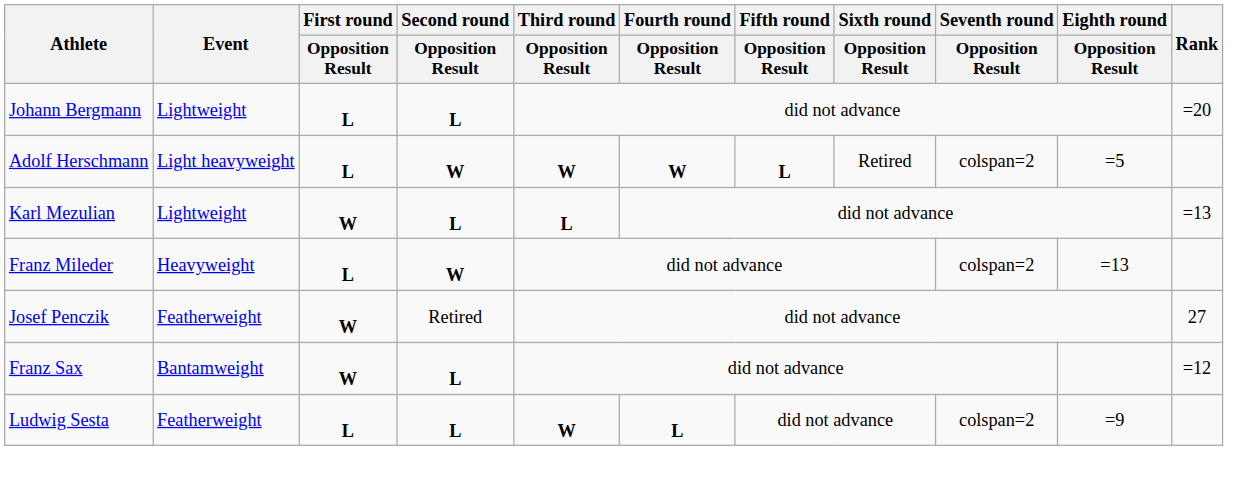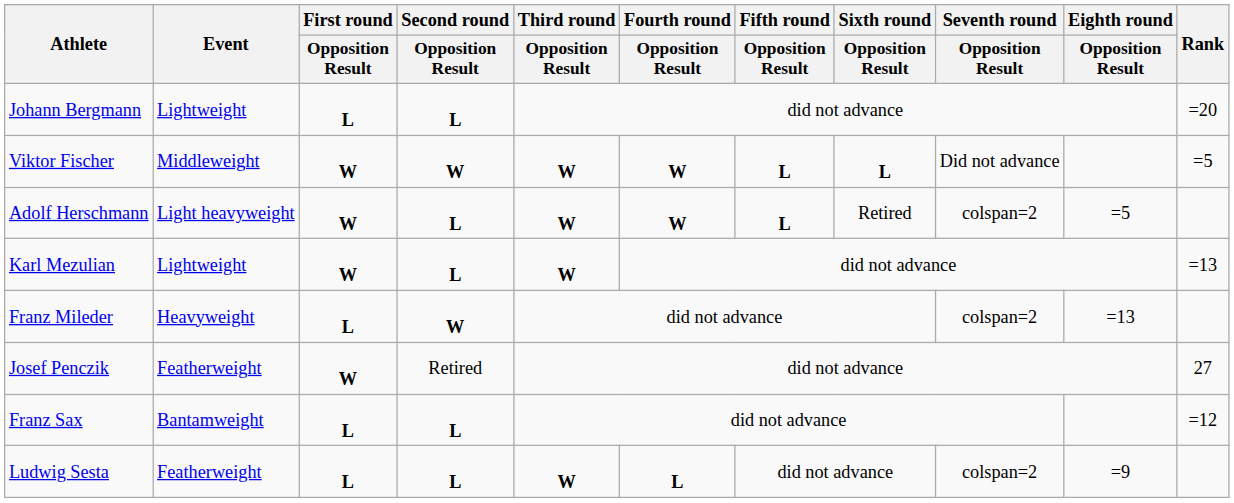 <table class="wikitable" style="font-size:90%;">
 <tr>
 <th rowspan=2>Athlete</th>
 <th rowspan=2>Event</th>
 <th>First round</th>
 <th>Second round</th>
 <th>Third round</th>
 <th>Fourth round</th>
 <th>Fifth round</th>
 <th>Sixth round</th>
 <th>Seventh round</th>
 <th>Eighth round</th>
 <th rowspan=2>Rank</th>
 </tr>
 <tr style="font-size: 95%">
 <th>Opposition<br>Result</th>
 <th>Opposition<br>Result</th>
 <th>Opposition<br>Result</th>
 <th>Opposition<br>Result</th>
 <th>Opposition<br>Result</th>
 <th>Opposition<br>Result</th>
 <th>Opposition<br>Result</th>
 <th>Opposition<br>Result</th>
 </tr>
 <tr align=center>
 <td align=left><a href='#'>Johann Bergmann</a></td>
 <td align=left><a href='#'>Lightweight</a></td>
 <td> <br> <strong>L</strong></td>
 <td> <br> <strong>L</strong></td>
 <td colspan=6>did not advance</td>
 <td>=20</td>
 </tr>
 <tr align=center>
+<td align=left><a href='#'>Viktor Fischer</a></td>
+<td align=left><a href='#'>Middleweight</a></td>
+<td> <br> <strong>W</strong></td>
+<td> <br> <strong>W</strong></td>
+<td> <br> <strong>W</strong></td>
+<td> <br> <strong>W</strong></td>
+<td> <br> <strong>L</strong></td>
+<td> <br> <strong>L</strong></td>
+<td>Did not advance</td>
+<td></td>
+<td>=5</td>
+</tr>
+<tr align=center>
 <td align=left><a href='#'>Adolf Herschmann</a></td>
 <td align=left><a href='#'>Light heavyweight</a></td>
+<td> <br> <strong>W</strong></td>
 <td> <br> <strong>L</strong></td>
-<td> <br> <strong>W</strong></td>
 <td> <br> <strong>W</strong></td>
 <td> <br> <strong>W</strong></td>
 <td> <br> <strong>L</strong></td>
 <td>Retired</td>
 <td>colspan=2 </td>
 <td>=5</td>
 </tr>
 <tr align=center>
 <td align=left><a href='#'>Karl Mezulian</a></td>
 <td align=left><a href='#'>Lightweight</a></td>
 <td> <br> <strong>W</strong></td>
 <td> <br> <strong>L</strong></td>
-<td> <br> <strong>L</strong></td>
+<td> <br> <strong>W</strong></td>
 <td colspan=5>did not advance</td>
 <td>=13</td>
 </tr>
 <tr align=center>
 <td align=left><a href='#'>Franz Mileder</a></td>
 <td align=left><a href='#'>Heavyweight</a></td>
 <td> <br> <strong>L</strong></td>
 <td> <br> <strong>W</strong></td>
 <td colspan=4>did not advance</td>
 <td>colspan=2 </td>
 <td>=13</td>
 </tr>
 <tr align=center>
 <td align=left><a href='#'>Josef Penczik</a></td>
 <td align=left><a href='#'>Featherweight</a></td>
 <td> <br> <strong>W</strong></td>
 <td>Retired</td>
 <td colspan=6>did not advance</td>
 <td>27</td>
 </tr>
 <tr align=center>
 <td align=left><a href='#'>Franz Sax</a></td>
 <td align=left><a href='#'>Bantamweight</a></td>
-<td> <br> <strong>W</strong></td>
+<td> <br> <strong>L</strong></td>
 <td> <br> <strong>L</strong></td>
 <td colspan=5>did not advance</td>
 <td></td>
 <td>=12</td>
 </tr>
 <tr align=center>
 <td align=left><a href='#'>Ludwig Sesta</a></td>
 <td align=left><a href='#'>Featherweight</a></td>
 <td> <br> <strong>L</strong></td>
 <td> <br> <strong>L</strong></td>
 <td> <br> <strong>W</strong></td>
 <td> <br> <strong>L</strong></td>
 <td colspan=2>did not advance</td>
 <td>colspan=2 </td>
 <td>=9</td>
 </tr>
 </table>
